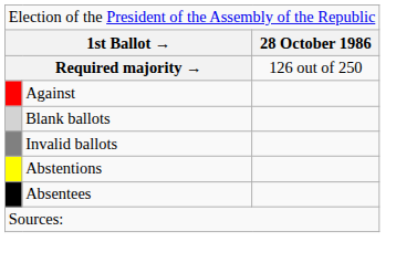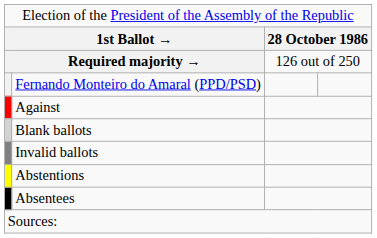 <table class="wikitable" style="text-align:center;">
 <tr>
 <td colspan="4" align="center">Election of the <a href='#'>President of the Assembly of the Republic</a></td>
 </tr>
 <tr>
 <th colspan="2" width="225px">1st Ballot →</th>
 <th colspan="2">28 October 1986</th>
 </tr>
 <tr>
 <th colspan="2">Required majority →</th>
 <td colspan="2">126 out of 250</td>
+</tr>
+<tr>
+<th width="1px" style="background:"></th>
+<td align="left"><a href='#'>Fernando Monteiro do Amaral</a> (<a href='#'>PPD/PSD</a>)</td>
+<td></td>
+<td></td>
 </tr>
 <tr>
 <th style="background:red;"></th>
 <td align="left">Against</td>
 <td colspan="2"></td>
 </tr>
 <tr>
 <th style="background:lightgray;"></th>
 <td align="left">Blank ballots</td>
 <td colspan="2"></td>
 </tr>
 <tr>
 <th style="background:gray;"></th>
 <td align="left">Invalid ballots</td>
 <td colspan="2"></td>
 </tr>
 <tr>
 <th style="background:yellow;"></th>
 <td align="left">Abstentions</td>
 <td colspan="2"></td>
 </tr>
 <tr>
 <th style="background:black;"></th>
 <td align="left">Absentees</td>
 <td colspan="2"></td>
 </tr>
 <tr>
 <td align="left" colspan="4">Sources:</td>
 </tr>
 </table>
